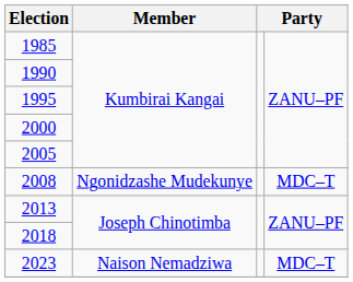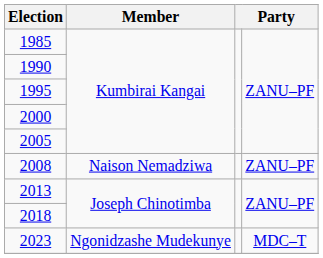 <table class="wikitable" style="text-align:center">
 <tr>
 <th>Election</th>
 <th>Member</th>
 <th colspan="2">Party</th>
 </tr>
 <tr>
 <td><a href='#'>1985</a></td>
 <td rowspan="5"><a href='#'>Kumbirai Kangai</a></td>
 <td rowspan="5" style="background-color: "></td>
 <td rowspan="5"><a href='#'>ZANU–PF</a></td>
 </tr>
 <tr>
 <td><a href='#'>1990</a></td>
 </tr>
 <tr>
 <td><a href='#'>1995</a></td>
 </tr>
 <tr>
 <td><a href='#'>2000</a></td>
 </tr>
 <tr>
 <td><a href='#'>2005</a></td>
 </tr>
 <tr>
 <td><a href='#'>2008</a></td>
-<td><a href='#'>Ngonidzashe Mudekunye</a></td>
+<td><a href='#'>Naison Nemadziwa</a></td>
 <td style="background-color: "></td>
-<td><a href='#'>MDC–T</a></td>
+<td><a href='#'>ZANU–PF</a></td>
 </tr>
 <tr>
 <td><a href='#'>2013</a></td>
 <td rowspan="2"><a href='#'>Joseph Chinotimba</a></td>
 <td rowspan="2" style="background-color: "></td>
 <td rowspan="2"><a href='#'>ZANU–PF</a></td>
 </tr>
 <tr>
 <td><a href='#'>2018</a></td>
 </tr>
 <tr>
 <td><a href='#'>2023</a></td>
-<td><a href='#'>Naison Nemadziwa</a></td>
+<td><a href='#'>Ngonidzashe Mudekunye</a></td>
 <td style="background-color: "></td>
 <td><a href='#'>MDC–T</a></td>
 </tr>
 <tr>
 </tr>
 </table>
